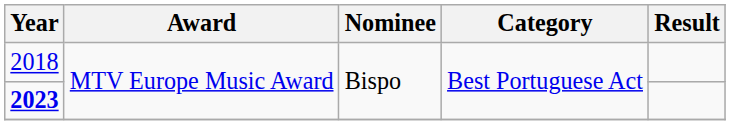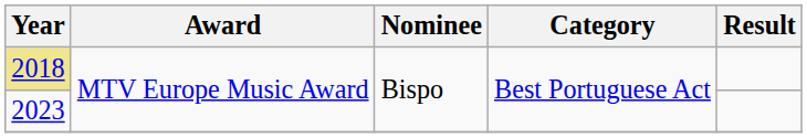 <table class="wikitable">
 <tr>
 <th>Year</th>
 <th>Award</th>
 <th>Nominee</th>
 <th>Category</th>
 <th>Result</th>
 </tr>
 <tr>
-<td><a href='#'>2018</a></td>
+<td style="background: khaki;"><a href='#'>2018</a></td>
 <td rowspan="2"><a href='#'>MTV Europe Music Award</a></td>
 <td rowspan="2">Bispo</td>
 <td rowspan="2"><a href='#'>Best Portuguese Act</a></td>
 <td></td>
 </tr>
 <tr>
-<td><strong><a href='#'>2023</a></strong></td>
+<td><a href='#'>2023</a></td>
 <td></td>
 </tr>
 <tr>
 </tr>
 </table>
